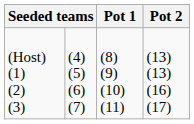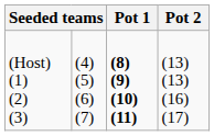 <table class="wikitable">
 <tr>
 <th colspan=2 width=50%>Seeded teams</th>
 <th width=25%>Pot 1</th>
 <th width=25%>Pot 2</th>
 </tr>
 <tr>
 <td><br> (Host)<br>  (1)<br>  (2)<br>  (3)</td>
 <td><br> (4)<br>  (5)<br>  (6)<br>  (7)</td>
-<td><br> (8)<br>  (9)<br>  (10)<br>  (11)</td>
+<td><strong><br> (8)<br>  (9)<br>  (10)<br>  (11)</strong></td>
 <td><br> (13)<br>  (13)<br>  (16)<br>  (17)</td>
 </tr>
 </table>
